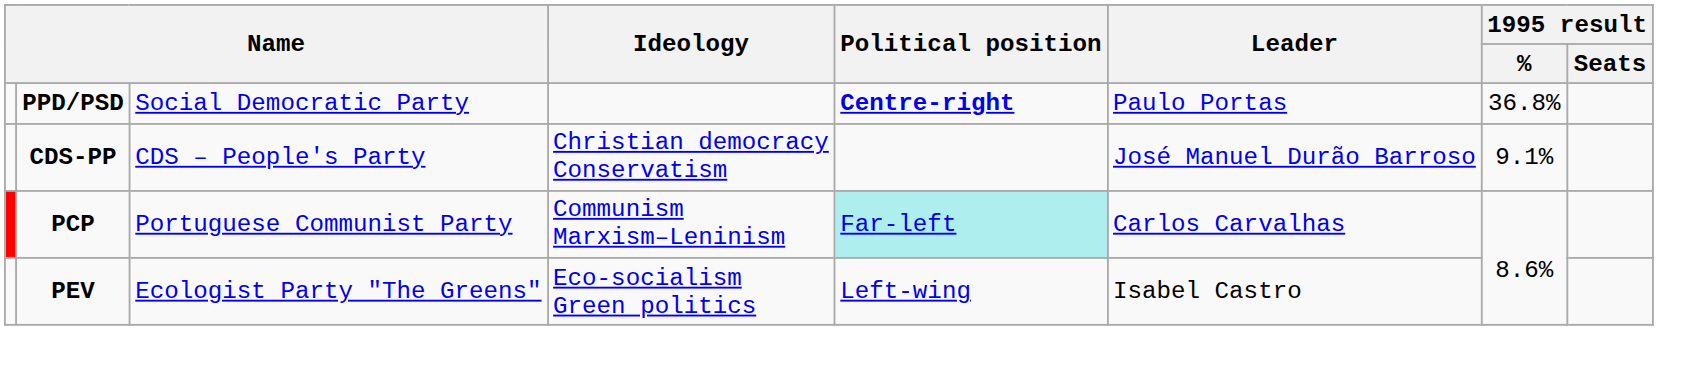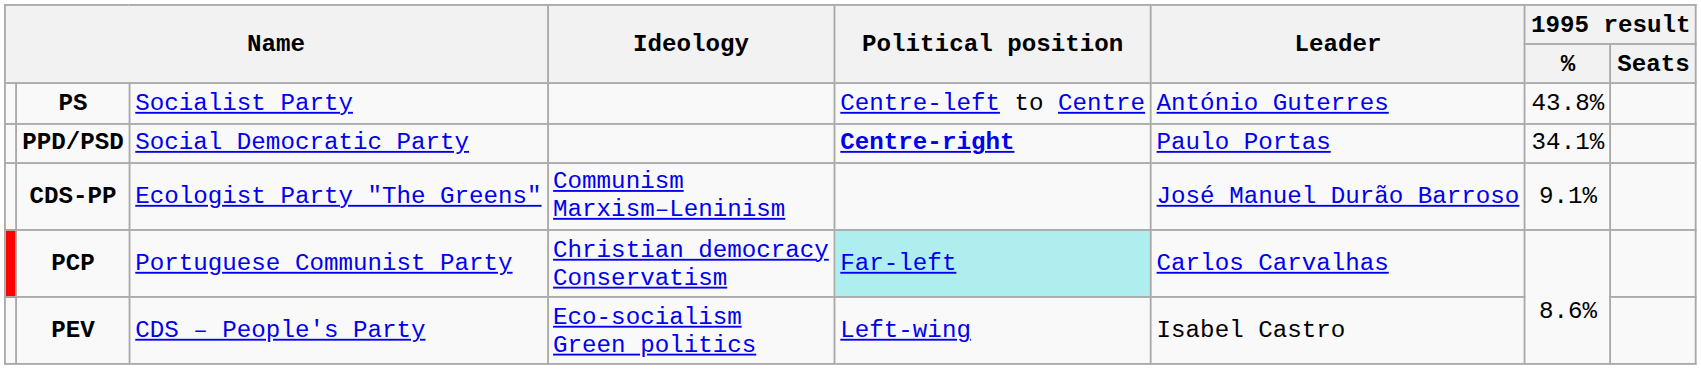 <table class="wikitable">
 <tr>
 <th rowspan="2" colspan="3">Name</th>
 <th rowspan="2">Ideology</th>
 <th rowspan="2">Political position</th>
 <th rowspan="2">Leader</th>
 <th colspan="2">1995 result</th>
 </tr>
 <tr>
 <th>%</th>
 <th>Seats</th>
 </tr>
 <tr>
 <td style="color:inherit;background:"></td>
+<td style="text-align:center;"><strong>PS</strong></td>
+<td><a href='#'>Socialist Party</a><br></td>
+<td></td>
+<td><a href='#'>Centre-left</a> to <a href='#'>Centre</a></td>
+<td><a href='#'>António Guterres</a></td>
+<td style="text-align:center;">43.8%</td>
+<td></td>
+</tr>
+<tr>
+<td style="color:inherit;background:"></td>
 <td style="text-align:center;"><strong>PPD/PSD</strong></td>
 <td><a href='#'>Social Democratic Party</a><br></td>
 <td></td>
 <td><strong><a href='#'>Centre-right</a></strong></td>
 <td><a href='#'>Paulo Portas</a></td>
-<td style="text-align:center;">36.8%</td>
+<td style="text-align:center;">34.1%</td>
 <td></td>
 </tr>
 <tr>
 <td style="color:inherit;background:"></td>
 <td style="text-align:center;"><strong>CDS-PP</strong></td>
-<td><a href='#'>CDS – People's Party</a><br></td>
-<td><a href='#'>Christian democracy</a><br><a href='#'>Conservatism</a></td>
+<td><a href='#'>Ecologist Party "The Greens"</a><br></td>
+<td><a href='#'>Communism</a><br><a href='#'>Marxism–Leninism</a></td>
 <td></td>
 <td><a href='#'>José Manuel Durão Barroso</a></td>
 <td style="text-align:center;">9.1%</td>
 <td></td>
 </tr>
 <tr>
 <td style="background:#f00;"></td>
 <td style="text-align:center;"><strong>PCP</strong></td>
 <td><a href='#'>Portuguese Communist Party</a><br></td>
-<td><a href='#'>Communism</a><br><a href='#'>Marxism–Leninism</a></td>
+<td><a href='#'>Christian democracy</a><br><a href='#'>Conservatism</a></td>
 <td style="background: paleturquoise;"><a href='#'>Far-left</a></td>
 <td><a href='#'>Carlos Carvalhas</a></td>
 <td rowspan="2" style="text-align:center;"><br>8.6%<br></td>
 <td></td>
 </tr>
 <tr>
 <td style="color:inherit;background:"></td>
 <td style="text-align:center;"><strong>PEV</strong></td>
-<td><a href='#'>Ecologist Party "The Greens"</a><br></td>
+<td><a href='#'>CDS – People's Party</a><br></td>
 <td><a href='#'>Eco-socialism</a><br><a href='#'>Green politics</a></td>
 <td><a href='#'>Left-wing</a></td>
 <td>Isabel Castro</td>
 <td></td>
 </tr>
 </table>
